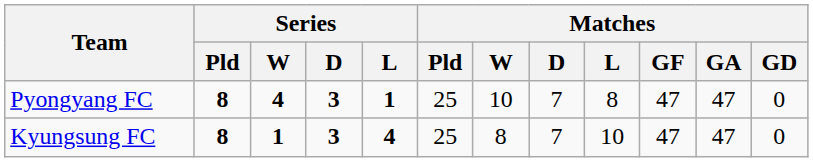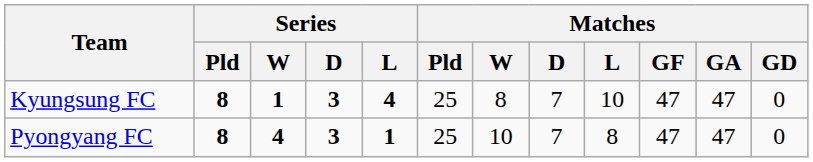 <table class="wikitable" style="text-align:center">
 <tr>
 <th width="120" rowspan="2">Team</th>
 <th colspan="4">Series</th>
 <th colspan="7">Matches</th>
 </tr>
 <tr>
 <th width="30">Pld</th>
 <th width="30">W</th>
 <th width="30">D</th>
 <th width="30">L</th>
 <th width="30">Pld</th>
 <th width="30">W</th>
 <th width="30">D</th>
 <th width="30">L</th>
 <th width="30">GF</th>
 <th width="30">GA</th>
 <th width="30">GD</th>
 </tr>
 <tr>
+<td align="left"><a href='#'>Kyungsung FC</a></td>
+<td><strong>8</strong></td>
+<td><strong>1</strong></td>
+<td><strong>3</strong></td>
+<td><strong>4</strong></td>
+<td>25</td>
+<td>8</td>
+<td>7</td>
+<td>10</td>
+<td>47</td>
+<td>47</td>
+<td>0</td>
+</tr>
+<tr>
 <td align="left"><a href='#'>Pyongyang FC</a></td>
 <td><strong>8</strong></td>
 <td><strong>4</strong></td>
 <td><strong>3</strong></td>
 <td><strong>1</strong></td>
 <td>25</td>
 <td>10</td>
 <td>7</td>
 <td>8</td>
 <td>47</td>
 <td>47</td>
 <td>0</td>
 </tr>
-<tr>
-<td align="left"><a href='#'>Kyungsung FC</a></td>
-<td><strong>8</strong></td>
-<td><strong>1</strong></td>
-<td><strong>3</strong></td>
-<td><strong>4</strong></td>
-<td>25</td>
-<td>8</td>
-<td>7</td>
-<td>10</td>
-<td>47</td>
-<td>47</td>
-<td>0</td>
-</tr>
 </table>
